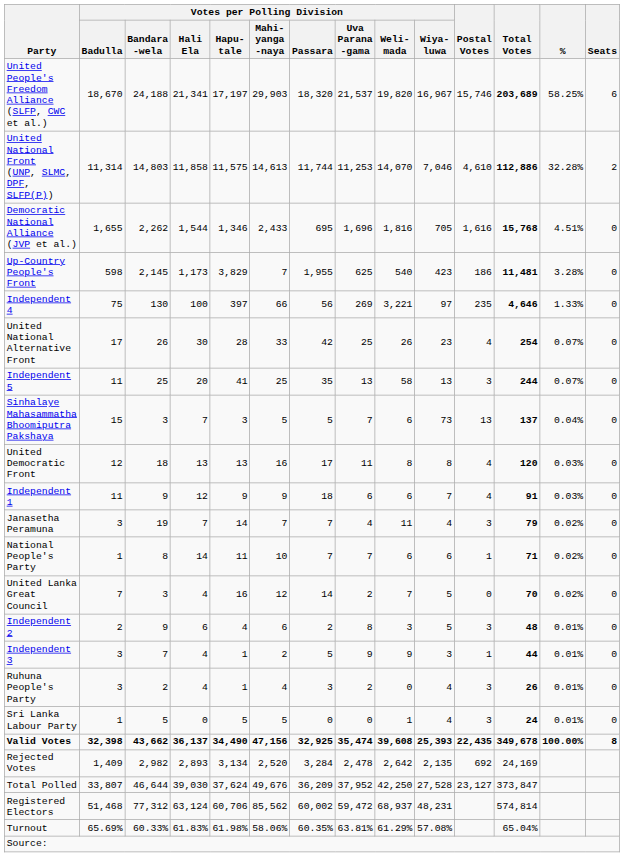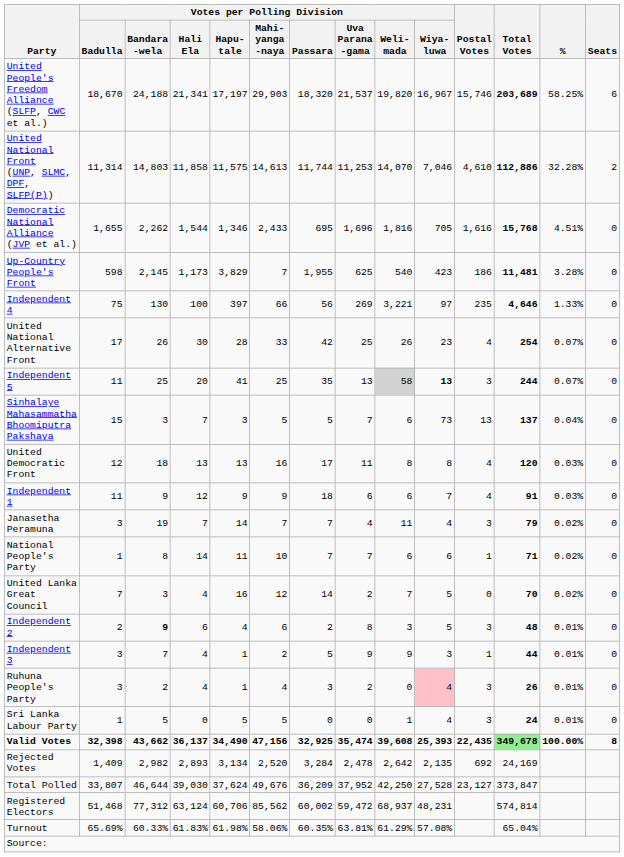 <table class="wikitable" border="1" style="text-align:right;">
 <tr>
 <th align=left valign=bottom rowspan=2 width="180">Party</th>
 <th colspan=9>Votes per Polling Division</th>
 <th align=center valign=bottom rowspan=2 width="50">Postal<br>Votes</th>
 <th align=center valign=bottom rowspan=2 width="50">Total Votes</th>
 <th align=center valign=bottom rowspan=2 width="50">%</th>
 <th align=center valign=bottom rowspan=2 width="40">Seats</th>
 </tr>
 <tr>
 <th align=center valign=bottom width="50">Badulla</th>
 <th align=center valign=bottom width="50">Bandara<br>-wela</th>
 <th align=center valign=bottom width="50">Hali<br>Ela</th>
 <th !align=center valign=bottom width="50">Hapu-<br>tale</th>
 <th align=center valign=bottom width="50">Mahi-<br>yanga<br>-naya</th>
 <th align=center valign=bottom width="50">Passara</th>
 <th align=center valign=bottom width="50">Uva<br>Parana<br>-gama</th>
 <th align=center valign=bottom width="50">Weli-<br>mada</th>
 <th align=center valign=bottom width="50">Wiya-<br>luwa</th>
 </tr>
 <tr>
 <td align=left><a href='#'>United People's Freedom Alliance</a> (<a href='#'>SLFP</a>, <a href='#'>CWC</a> et al.)</td>
 <td>18,670</td>
 <td>24,188</td>
 <td>21,341</td>
 <td>17,197</td>
 <td>29,903</td>
 <td>18,320</td>
 <td>21,537</td>
 <td>19,820</td>
 <td>16,967</td>
 <td>15,746</td>
 <td><strong>203,689</strong></td>
 <td>58.25%</td>
 <td>6</td>
 </tr>
 <tr>
 <td align=left><a href='#'>United National Front</a><br>(<a href='#'>UNP</a>, <a href='#'>SLMC</a>, <a href='#'>DPF</a>, <a href='#'>SLFP(P)</a>)</td>
 <td>11,314</td>
 <td>14,803</td>
 <td>11,858</td>
 <td>11,575</td>
 <td>14,613</td>
 <td>11,744</td>
 <td>11,253</td>
 <td>14,070</td>
 <td>7,046</td>
 <td>4,610</td>
 <td><strong>112,886</strong></td>
 <td>32.28%</td>
 <td>2</td>
 </tr>
 <tr>
 <td align=left><a href='#'>Democratic National Alliance</a> (<a href='#'>JVP</a> et al.)</td>
 <td>1,655</td>
 <td>2,262</td>
 <td>1,544</td>
 <td>1,346</td>
 <td>2,433</td>
 <td>695</td>
 <td>1,696</td>
 <td>1,816</td>
 <td>705</td>
 <td>1,616</td>
 <td><strong>15,768</strong></td>
 <td>4.51%</td>
 <td>0</td>
 </tr>
 <tr>
 <td align=left><a href='#'>Up-Country People's Front</a></td>
 <td>598</td>
 <td>2,145</td>
 <td>1,173</td>
 <td>3,829</td>
 <td>7</td>
 <td>1,955</td>
 <td>625</td>
 <td>540</td>
 <td>423</td>
 <td>186</td>
 <td><strong>11,481</strong></td>
 <td>3.28%</td>
 <td>0</td>
 </tr>
 <tr>
 <td align=left><a href='#'>Independent 4</a></td>
 <td>75</td>
 <td>130</td>
 <td>100</td>
 <td>397</td>
 <td>66</td>
 <td>56</td>
 <td>269</td>
 <td>3,221</td>
 <td>97</td>
 <td>235</td>
 <td><strong>4,646</strong></td>
 <td>1.33%</td>
 <td>0</td>
 </tr>
 <tr>
 <td align=left>United National Alternative Front</td>
 <td>17</td>
 <td>26</td>
 <td>30</td>
 <td>28</td>
 <td>33</td>
 <td>42</td>
 <td>25</td>
 <td>26</td>
 <td>23</td>
 <td>4</td>
 <td><strong>254</strong></td>
 <td>0.07%</td>
 <td>0</td>
 </tr>
 <tr>
 <td align=left><a href='#'>Independent 5</a></td>
 <td>11</td>
 <td>25</td>
 <td>20</td>
 <td>41</td>
 <td>25</td>
 <td>35</td>
 <td>13</td>
-<td>58</td>
-<td>13</td>
+<td style="background: lightgrey;">58</td>
+<td><strong>13</strong></td>
 <td>3</td>
 <td><strong>244</strong></td>
 <td>0.07%</td>
 <td>0</td>
 </tr>
 <tr>
 <td align=left><a href='#'>Sinhalaye Mahasammatha Bhoomiputra Pakshaya</a></td>
 <td>15</td>
 <td>3</td>
 <td>7</td>
 <td>3</td>
 <td>5</td>
 <td>5</td>
 <td>7</td>
 <td>6</td>
 <td>73</td>
 <td>13</td>
 <td><strong>137</strong></td>
 <td>0.04%</td>
 <td>0</td>
 </tr>
 <tr>
 <td align=left>United Democratic Front</td>
 <td>12</td>
 <td>18</td>
 <td>13</td>
 <td>13</td>
 <td>16</td>
 <td>17</td>
 <td>11</td>
 <td>8</td>
 <td>8</td>
 <td>4</td>
 <td><strong>120</strong></td>
 <td>0.03%</td>
 <td>0</td>
 </tr>
 <tr>
 <td align=left><a href='#'>Independent 1</a></td>
 <td>11</td>
 <td>9</td>
 <td>12</td>
 <td>9</td>
 <td>9</td>
 <td>18</td>
 <td>6</td>
 <td>6</td>
 <td>7</td>
 <td>4</td>
 <td><strong>91</strong></td>
 <td>0.03%</td>
 <td>0</td>
 </tr>
 <tr>
 <td align=left>Janasetha Peramuna</td>
 <td>3</td>
 <td>19</td>
 <td>7</td>
 <td>14</td>
 <td>7</td>
 <td>7</td>
 <td>4</td>
 <td>11</td>
 <td>4</td>
 <td>3</td>
 <td><strong>79</strong></td>
 <td>0.02%</td>
 <td>0</td>
 </tr>
 <tr>
 <td align=left>National People's Party</td>
 <td>1</td>
 <td>8</td>
 <td>14</td>
 <td>11</td>
 <td>10</td>
 <td>7</td>
 <td>7</td>
 <td>6</td>
 <td>6</td>
 <td>1</td>
 <td><strong>71</strong></td>
 <td>0.02%</td>
 <td>0</td>
 </tr>
 <tr>
 <td align=left>United Lanka Great Council</td>
 <td>7</td>
 <td>3</td>
 <td>4</td>
 <td>16</td>
 <td>12</td>
 <td>14</td>
 <td>2</td>
 <td>7</td>
 <td>5</td>
 <td>0</td>
 <td><strong>70</strong></td>
 <td>0.02%</td>
 <td>0</td>
 </tr>
 <tr>
 <td align=left><a href='#'>Independent 2</a></td>
 <td>2</td>
-<td>9</td>
+<td><strong>9</strong></td>
 <td>6</td>
 <td>4</td>
 <td>6</td>
 <td>2</td>
 <td>8</td>
 <td>3</td>
 <td>5</td>
 <td>3</td>
 <td><strong>48</strong></td>
 <td>0.01%</td>
 <td>0</td>
 </tr>
 <tr>
 <td align=left><a href='#'>Independent 3</a></td>
 <td>3</td>
 <td>7</td>
 <td>4</td>
 <td>1</td>
 <td>2</td>
 <td>5</td>
 <td>9</td>
 <td>9</td>
 <td>3</td>
 <td>1</td>
 <td><strong>44</strong></td>
 <td>0.01%</td>
 <td>0</td>
 </tr>
 <tr>
 <td align=left>Ruhuna People's Party</td>
 <td>3</td>
 <td>2</td>
 <td>4</td>
 <td>1</td>
 <td>4</td>
 <td>3</td>
 <td>2</td>
 <td>0</td>
-<td>4</td>
+<td style="background: pink;">4</td>
 <td>3</td>
 <td><strong>26</strong></td>
 <td>0.01%</td>
 <td>0</td>
 </tr>
 <tr>
 <td align=left>Sri Lanka Labour Party</td>
 <td>1</td>
 <td>5</td>
 <td>0</td>
 <td>5</td>
 <td>5</td>
 <td>0</td>
 <td>0</td>
 <td>1</td>
 <td>4</td>
 <td>3</td>
 <td><strong>24</strong></td>
 <td>0.01%</td>
 <td>0</td>
 </tr>
 <tr>
 <td align=left><strong>Valid Votes</strong></td>
 <td><strong>32,398</strong></td>
 <td><strong>43,662</strong></td>
 <td><strong>36,137</strong></td>
 <td><strong>34,490</strong></td>
 <td><strong>47,156</strong></td>
 <td><strong>32,925</strong></td>
 <td><strong>35,474</strong></td>
 <td><strong>39,608</strong></td>
 <td><strong>25,393</strong></td>
 <td><strong>22,435</strong></td>
-<td><strong>349,678</strong></td>
+<td style="background: lightgreen;"><strong>349,678</strong></td>
 <td><strong>100.00%</strong></td>
 <td><strong>8</strong></td>
 </tr>
 <tr>
 <td align=left>Rejected Votes</td>
 <td>1,409</td>
 <td>2,982</td>
 <td>2,893</td>
 <td>3,134</td>
 <td>2,520</td>
 <td>3,284</td>
 <td>2,478</td>
 <td>2,642</td>
 <td>2,135</td>
 <td>692</td>
 <td>24,169</td>
 <td></td>
 <td></td>
 </tr>
 <tr>
 <td align=left>Total Polled</td>
 <td>33,807</td>
 <td>46,644</td>
 <td>39,030</td>
 <td>37,624</td>
 <td>49,676</td>
 <td>36,209</td>
 <td>37,952</td>
 <td>42,250</td>
 <td>27,528</td>
 <td>23,127</td>
 <td>373,847</td>
 <td></td>
 <td></td>
 </tr>
 <tr>
 <td align=left>Registered Electors</td>
 <td>51,468</td>
 <td>77,312</td>
 <td>63,124</td>
 <td>60,706</td>
 <td>85,562</td>
 <td>60,002</td>
 <td>59,472</td>
 <td>68,937</td>
 <td>48,231</td>
 <td></td>
 <td>574,814</td>
 <td></td>
 <td></td>
 </tr>
 <tr>
 <td align=left>Turnout</td>
 <td>65.69%</td>
 <td>60.33%</td>
 <td>61.83%</td>
 <td>61.98%</td>
 <td>58.06%</td>
 <td>60.35%</td>
 <td>63.81%</td>
 <td>61.29%</td>
 <td>57.08%</td>
 <td></td>
 <td>65.04%</td>
 <td></td>
 <td></td>
 </tr>
 <tr>
 <td align=left colspan=15>Source:</td>
 </tr>
 </table>
